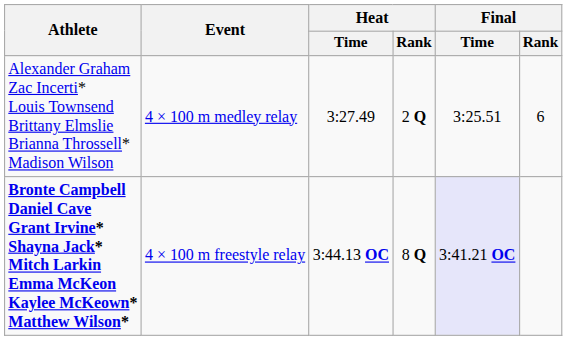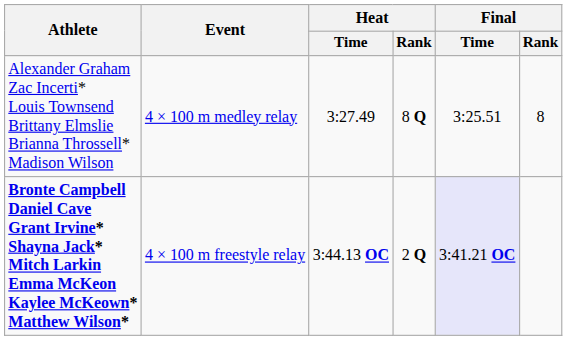 <table class=wikitable style="font-size:90%">
 <tr>
 <th rowspan="2">Athlete</th>
 <th rowspan="2">Event</th>
 <th colspan="2">Heat</th>
 <th colspan="2">Final</th>
 </tr>
 <tr style="font-size:95%">
 <th>Time</th>
 <th>Rank</th>
 <th>Time</th>
 <th>Rank</th>
 </tr>
 <tr align=center>
 <td align=left><a href='#'>Alexander Graham</a><br><a href='#'>Zac Incerti</a>*<br><a href='#'>Louis Townsend</a><br><a href='#'>Brittany Elmslie</a><br><a href='#'>Brianna Throssell</a>*<br><a href='#'>Madison Wilson</a></td>
 <td align=left><a href='#'>4 × 100 m medley relay</a></td>
 <td>3:27.49</td>
-<td>2 <strong>Q</strong></td>
+<td>8 <strong>Q</strong></td>
 <td>3:25.51</td>
-<td>6</td>
+<td>8</td>
 </tr>
 <tr align=center>
 <td align=left><strong><a href='#'>Bronte Campbell</a><br><a href='#'>Daniel Cave</a><br><a href='#'>Grant Irvine</a>*<br><a href='#'>Shayna Jack</a>*<br><a href='#'>Mitch Larkin</a><br><a href='#'>Emma McKeon</a><br><a href='#'>Kaylee McKeown</a>*<br><a href='#'>Matthew Wilson</a>*</strong></td>
 <td align=left><a href='#'>4 × 100 m freestyle relay</a></td>
 <td>3:44.13 <strong><a href='#'>OC</a></strong></td>
-<td>8 <strong>Q</strong></td>
+<td>2 <strong>Q</strong></td>
 <td style="background: lavender;">3:41.21 <strong><a href='#'>OC</a></strong></td>
 <td></td>
 </tr>
 </table>
